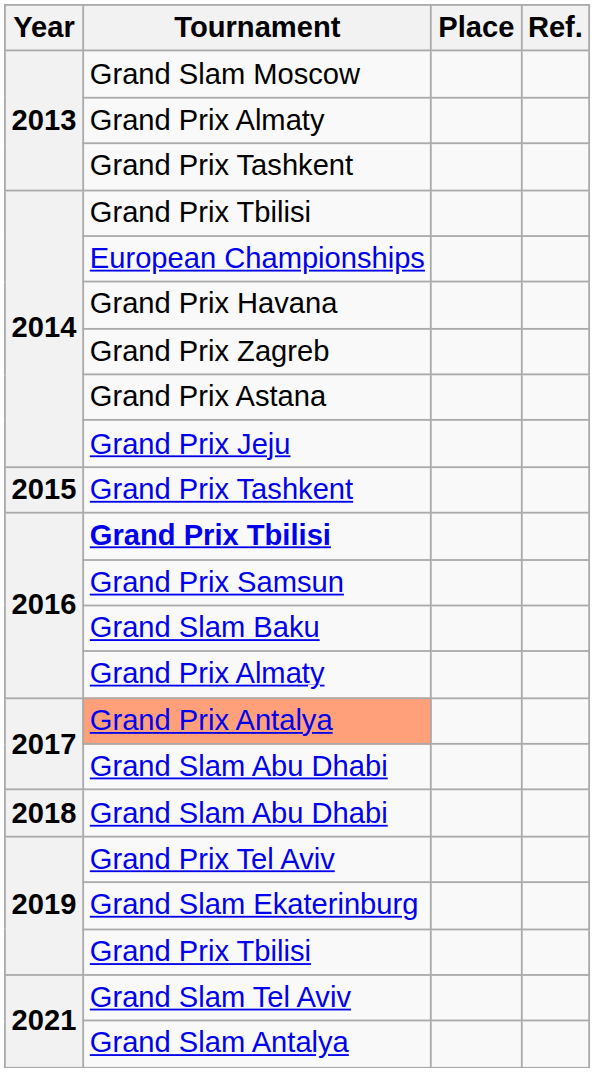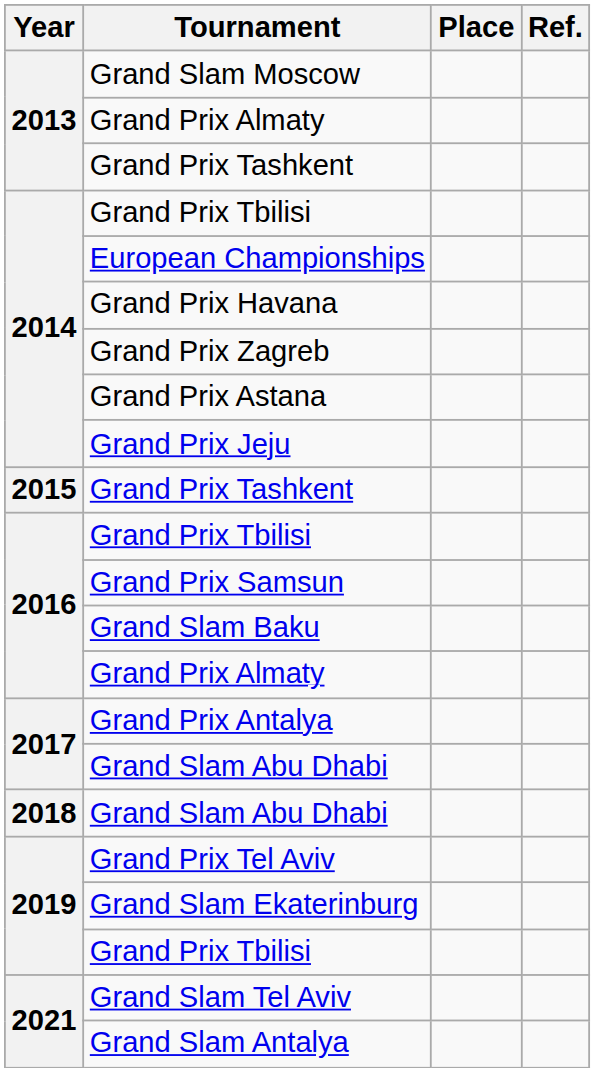 <table class="wikitable sortable" style="text-align:center;">
 <tr>
 <th>Year</th>
 <th>Tournament</th>
 <th>Place</th>
 <th>Ref.</th>
 </tr>
 <tr>
 <th rowspan=3>2013</th>
 <td align=left>Grand Slam Moscow</td>
 <td></td>
 <td></td>
 </tr>
 <tr>
 <td align=left>Grand Prix Almaty</td>
 <td></td>
 <td></td>
 </tr>
 <tr>
 <td align=left>Grand Prix Tashkent</td>
 <td></td>
 <td></td>
 </tr>
 <tr>
 <th rowspan=6>2014</th>
 <td align=left>Grand Prix Tbilisi</td>
 <td></td>
 <td></td>
 </tr>
 <tr>
 <td align=left><a href='#'>European Championships</a></td>
 <td></td>
 <td></td>
 </tr>
 <tr>
 <td align=left>Grand Prix Havana</td>
 <td></td>
 <td></td>
 </tr>
 <tr>
 <td align=left>Grand Prix Zagreb</td>
 <td></td>
 <td></td>
 </tr>
 <tr>
 <td align=left>Grand Prix Astana</td>
 <td></td>
 <td></td>
 </tr>
 <tr>
 <td align=left><a href='#'>Grand Prix Jeju</a></td>
 <td></td>
 <td></td>
 </tr>
 <tr>
 <th>2015</th>
 <td align=left><a href='#'>Grand Prix Tashkent</a></td>
 <td></td>
 <td></td>
 </tr>
 <tr>
 <th rowspan=4>2016</th>
-<td align=left><strong><a href='#'>Grand Prix Tbilisi</a></strong></td>
+<td align=left><a href='#'>Grand Prix Tbilisi</a></td>
 <td></td>
 <td></td>
 </tr>
 <tr>
 <td align=left><a href='#'>Grand Prix Samsun</a></td>
 <td></td>
 <td></td>
 </tr>
 <tr>
 <td align=left><a href='#'>Grand Slam Baku</a></td>
 <td></td>
 <td></td>
 </tr>
 <tr>
 <td align=left><a href='#'>Grand Prix Almaty</a></td>
 <td></td>
 <td></td>
 </tr>
 <tr>
 <th rowspan=2>2017</th>
-<td align=left style="background: lightsalmon;"><a href='#'>Grand Prix Antalya</a></td>
+<td align=left><a href='#'>Grand Prix Antalya</a></td>
 <td></td>
 <td></td>
 </tr>
 <tr>
 <td align=left><a href='#'>Grand Slam Abu Dhabi</a></td>
 <td></td>
 <td></td>
 </tr>
 <tr>
 <th>2018</th>
 <td align=left><a href='#'>Grand Slam Abu Dhabi</a></td>
 <td></td>
 <td></td>
 </tr>
 <tr>
 <th rowspan=3>2019</th>
 <td align=left><a href='#'>Grand Prix Tel Aviv</a></td>
 <td></td>
 <td></td>
 </tr>
 <tr>
 <td align=left><a href='#'>Grand Slam Ekaterinburg</a></td>
 <td></td>
 <td></td>
 </tr>
 <tr>
 <td align=left><a href='#'>Grand Prix Tbilisi</a></td>
 <td></td>
 <td></td>
 </tr>
 <tr>
 <th rowspan=2>2021</th>
 <td align=left><a href='#'>Grand Slam Tel Aviv</a></td>
 <td></td>
 <td></td>
 </tr>
 <tr>
 <td align=left><a href='#'>Grand Slam Antalya</a></td>
 <td></td>
 <td></td>
 </tr>
 </table>
